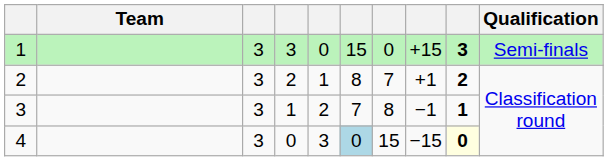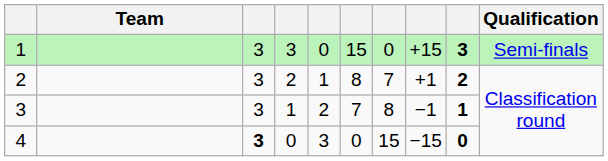 <table class="wikitable" style="text-align:center;">
 <tr>
 <th width=20></th>
 <th width=165>Team</th>
 <th width=20></th>
 <th width=20></th>
 <th width=20></th>
 <th width=20></th>
 <th width=20></th>
 <th width=20></th>
 <th width=20></th>
 <th width=95>Qualification</th>
 </tr>
 <tr bgcolor=bbf3bb>
 <td>1</td>
 <td align="left"></td>
 <td>3</td>
 <td>3</td>
 <td>0</td>
 <td>15</td>
 <td>0</td>
 <td>+15</td>
 <td><strong>3</strong></td>
 <td><a href='#'>Semi-finals</a></td>
 </tr>
 <tr>
 <td>2</td>
 <td align="left"></td>
 <td>3</td>
 <td>2</td>
 <td>1</td>
 <td>8</td>
 <td>7</td>
 <td>+1</td>
 <td><strong>2</strong></td>
 <td rowspan="3"><a href='#'>Classification round</a></td>
 </tr>
 <tr>
 <td>3</td>
 <td align="left"></td>
 <td>3</td>
 <td>1</td>
 <td>2</td>
 <td>7</td>
 <td>8</td>
 <td>−1</td>
 <td><strong>1</strong></td>
 </tr>
 <tr>
 <td>4</td>
 <td align="left"></td>
+<td><strong>3</strong></td>
+<td>0</td>
 <td>3</td>
 <td>0</td>
-<td>3</td>
-<td style="background: lightblue;">0</td>
 <td>15</td>
 <td>−15</td>
-<td style="background: lightyellow;"><strong>0</strong></td>
+<td><strong>0</strong></td>
 </tr>
 </table>
